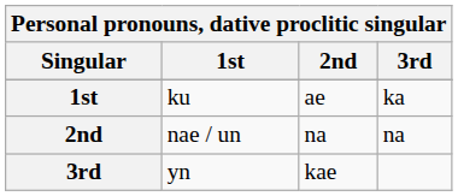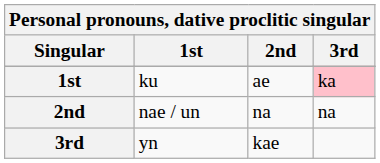 <table class="wikitable">
 <tr>
 <th colspan="4">Personal pronouns, dative proclitic singular</th>
 </tr>
 <tr>
 <th>Singular</th>
 <th>1st</th>
 <th>2nd</th>
 <th>3rd</th>
 </tr>
 <tr>
 </tr>
 <tr>
 <th>1st</th>
 <td>ku</td>
 <td>ae</td>
-<td>ka</td>
+<td style="background: pink;">ka</td>
 </tr>
 <tr>
 <th>2nd</th>
 <td>nae / un</td>
 <td>na</td>
 <td>na</td>
 </tr>
 <tr>
 <th>3rd</th>
 <td>yn</td>
 <td>kae</td>
 <td></td>
 </tr>
 </table>
